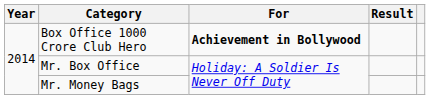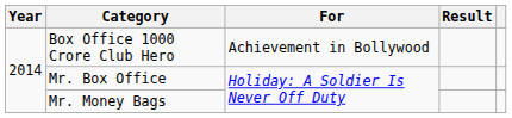 <table class="wikitable sortable plainrowheaders" width=75%>
 <tr>
 <th scope="col">Year</th>
 <th scope="col">Category</th>
 <th scope="col">For</th>
 <th scope="col">Result</th>
 <th scope="col" class="unsortable" width=2%></th>
 </tr>
 <tr>
 <td rowspan="3">2014</td>
 <td>Box Office 1000 Crore Club Hero</td>
-<td><strong>Achievement in Bollywood</strong></td>
+<td>Achievement in Bollywood</td>
 <td></td>
 <td style="text-align:center;"></td>
 </tr>
 <tr>
 <td>Mr. Box Office</td>
 <td rowspan="2"><em><a href='#'>Holiday: A Soldier Is Never Off Duty</a></em></td>
 <td></td>
 <td style="text-align:center;"></td>
 </tr>
 <tr>
 <td>Mr. Money Bags</td>
 <td></td>
 <td style="text-align:center;"></td>
 </tr>
 </table>
